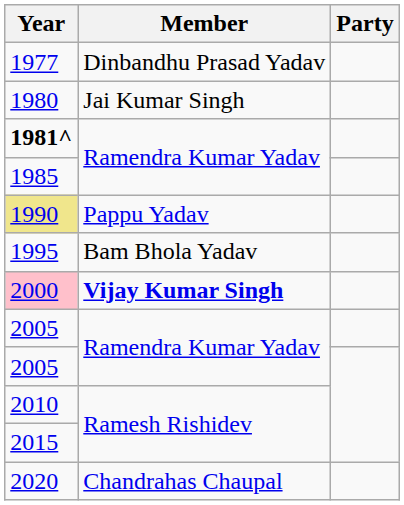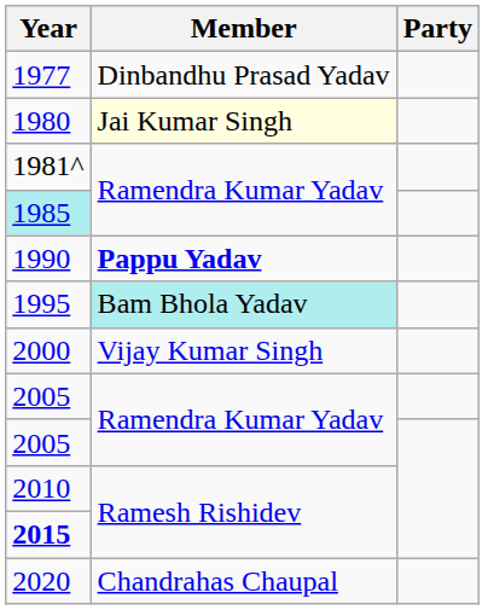 <table class="wikitable sortable">
 <tr>
 <th>Year</th>
 <th>Member </th>
 <th colspan="2">Party</th>
 </tr>
 <tr>
 <td><a href='#'>1977</a></td>
 <td>Dinbandhu Prasad Yadav</td>
 <td></td>
 </tr>
 <tr>
 <td><a href='#'>1980</a></td>
-<td>Jai Kumar Singh</td>
+<td style="background: lightyellow;">Jai Kumar Singh</td>
 <td></td>
 </tr>
 <tr>
-<td><strong>1981^</strong></td>
+<td>1981^</td>
 <td rowspan="2"><a href='#'>Ramendra Kumar Yadav</a></td>
 </tr>
 <tr>
-<td><a href='#'>1985</a></td>
+<td style="background: paleturquoise;"><a href='#'>1985</a></td>
 <td></td>
 </tr>
 <tr>
-<td style="background: khaki;"><a href='#'>1990</a></td>
-<td><a href='#'>Pappu Yadav</a></td>
+<td><a href='#'>1990</a></td>
+<td><strong><a href='#'>Pappu Yadav</a></strong></td>
 <td></td>
 </tr>
 <tr>
 <td><a href='#'>1995</a></td>
-<td>Bam Bhola Yadav</td>
+<td style="background: paleturquoise;">Bam Bhola Yadav</td>
 <td></td>
 </tr>
 <tr>
-<td style="background: pink;"><a href='#'>2000</a></td>
-<td><strong><a href='#'>Vijay Kumar Singh</a></strong></td>
+<td><a href='#'>2000</a></td>
+<td><a href='#'>Vijay Kumar Singh</a></td>
 <td></td>
 </tr>
 <tr>
 <td><a href='#'>2005</a></td>
 <td rowspan="2"><a href='#'>Ramendra Kumar Yadav</a></td>
 <td></td>
 </tr>
 <tr>
 <td><a href='#'>2005</a></td>
 </tr>
 <tr>
 <td><a href='#'>2010</a></td>
 <td rowspan="2"><a href='#'>Ramesh Rishidev</a></td>
 </tr>
 <tr>
-<td><a href='#'>2015</a></td>
+<td><strong><a href='#'>2015</a></strong></td>
 </tr>
 <tr>
 <td><a href='#'>2020</a></td>
 <td><a href='#'>Chandrahas Chaupal</a></td>
 <td></td>
 </tr>
 </table>
